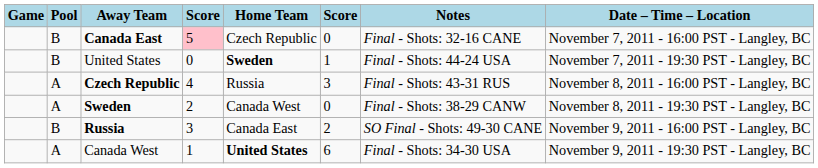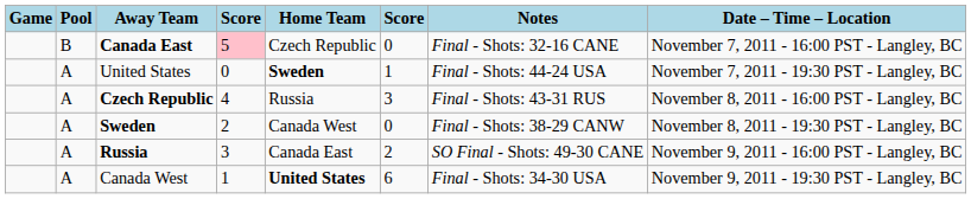 <table class="wikitable">
 <tr>
 <th style="background:lightblue;">Game</th>
 <th style="background:lightblue;">Pool</th>
 <th style="background:lightblue;">Away Team</th>
 <th style="background:lightblue;">Score</th>
 <th style="background:lightblue;">Home Team</th>
 <th style="background:lightblue;">Score</th>
 <th style="background:lightblue;">Notes</th>
 <th style="background:lightblue;">Date – Time – Location</th>
 </tr>
 <tr>
 <td></td>
 <td>B</td>
 <td><strong>Canada East</strong></td>
 <td style="background: pink;">5</td>
 <td>Czech Republic</td>
 <td>0</td>
 <td><em>Final</em> - Shots: 32-16 CANE</td>
 <td>November 7, 2011 - 16:00 PST - Langley, BC</td>
 </tr>
 <tr>
 <td></td>
-<td>B</td>
+<td>A</td>
 <td>United States</td>
 <td>0</td>
 <td><strong>Sweden</strong></td>
 <td>1</td>
 <td><em>Final</em> - Shots: 44-24 USA</td>
 <td>November 7, 2011 - 19:30 PST - Langley, BC</td>
 </tr>
 <tr>
 <td></td>
 <td>A</td>
 <td><strong>Czech Republic</strong></td>
 <td>4</td>
 <td>Russia</td>
 <td>3</td>
 <td><em>Final</em> - Shots: 43-31 RUS</td>
 <td>November 8, 2011 - 16:00 PST - Langley, BC</td>
 </tr>
 <tr>
 <td></td>
 <td>A</td>
 <td><strong>Sweden</strong></td>
 <td>2</td>
 <td>Canada West</td>
 <td>0</td>
 <td><em>Final</em> - Shots: 38-29 CANW</td>
 <td>November 8, 2011 - 19:30 PST - Langley, BC</td>
 </tr>
 <tr>
 <td></td>
-<td>B</td>
+<td>A</td>
 <td><strong>Russia</strong></td>
 <td>3</td>
 <td>Canada East</td>
 <td>2</td>
 <td><em>SO Final</em> - Shots: 49-30 CANE</td>
 <td>November 9, 2011 - 16:00 PST - Langley, BC</td>
 </tr>
 <tr>
 <td></td>
 <td>A</td>
 <td>Canada West</td>
 <td>1</td>
 <td><strong>United States</strong></td>
 <td>6</td>
 <td><em>Final</em> - Shots: 34-30 USA</td>
 <td>November 9, 2011 - 19:30 PST - Langley, BC</td>
 </tr>
 </table>
